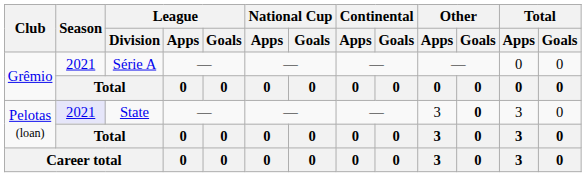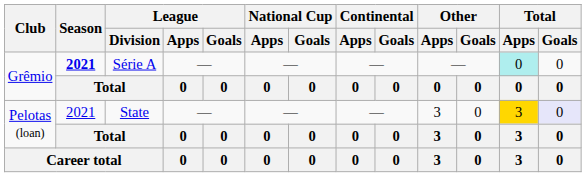 <table class="wikitable" style="text-align: center; font-size:96%">
 <tr>
 <th rowspan="2">Club</th>
 <th rowspan="2">Season</th>
 <th colspan="3">League</th>
 <th colspan="2">National Cup</th>
 <th colspan="2">Continental</th>
 <th colspan="2">Other</th>
 <th colspan="2">Total</th>
 </tr>
 <tr>
 <th>Division</th>
 <th>Apps</th>
 <th>Goals</th>
 <th>Apps</th>
 <th>Goals</th>
 <th>Apps</th>
 <th>Goals</th>
 <th>Apps</th>
 <th>Goals</th>
 <th>Apps</th>
 <th>Goals</th>
 </tr>
 <tr>
 <td rowspan=2><a href='#'>Grêmio</a></td>
-<td><a href='#'>2021</a></td>
+<td><strong><a href='#'>2021</a></strong></td>
 <td><a href='#'>Série A</a></td>
 <td colspan="2">—</td>
 <td colspan="2">—</td>
 <td colspan="2">—</td>
 <td colspan="2">—</td>
-<td>0</td>
+<td style="background: paleturquoise;">0</td>
 <td>0</td>
 </tr>
 <tr>
 <th colspan=2>Total</th>
 <th>0</th>
 <th>0</th>
 <th>0</th>
 <th>0</th>
 <th>0</th>
 <th>0</th>
 <th>0</th>
 <th>0</th>
 <th>0</th>
 <th>0</th>
 </tr>
 <tr>
 <td rowspan=2><a href='#'>Pelotas</a><br><small>(loan)</small></td>
-<td style="background: lavender;"><a href='#'>2021</a></td>
+<td><a href='#'>2021</a></td>
 <td><a href='#'>State</a></td>
 <td colspan="2">—</td>
 <td colspan="2">—</td>
 <td colspan="2">—</td>
 <td>3</td>
-<td><strong>0</strong></td>
-<td>3</td>
 <td>0</td>
+<td style="background: gold;">3</td>
+<td style="background: lavender;">0</td>
 </tr>
 <tr>
 <th colspan=2>Total</th>
 <th>0</th>
 <th>0</th>
 <th>0</th>
 <th>0</th>
 <th>0</th>
 <th>0</th>
 <th>3</th>
 <th>0</th>
 <th>3</th>
 <th>0</th>
 </tr>
 <tr>
 <th colspan="3"><strong>Career total</strong></th>
 <th>0</th>
 <th>0</th>
 <th>0</th>
 <th>0</th>
 <th>0</th>
 <th>0</th>
 <th>3</th>
 <th>0</th>
 <th>3</th>
 <th>0</th>
 </tr>
 </table>
